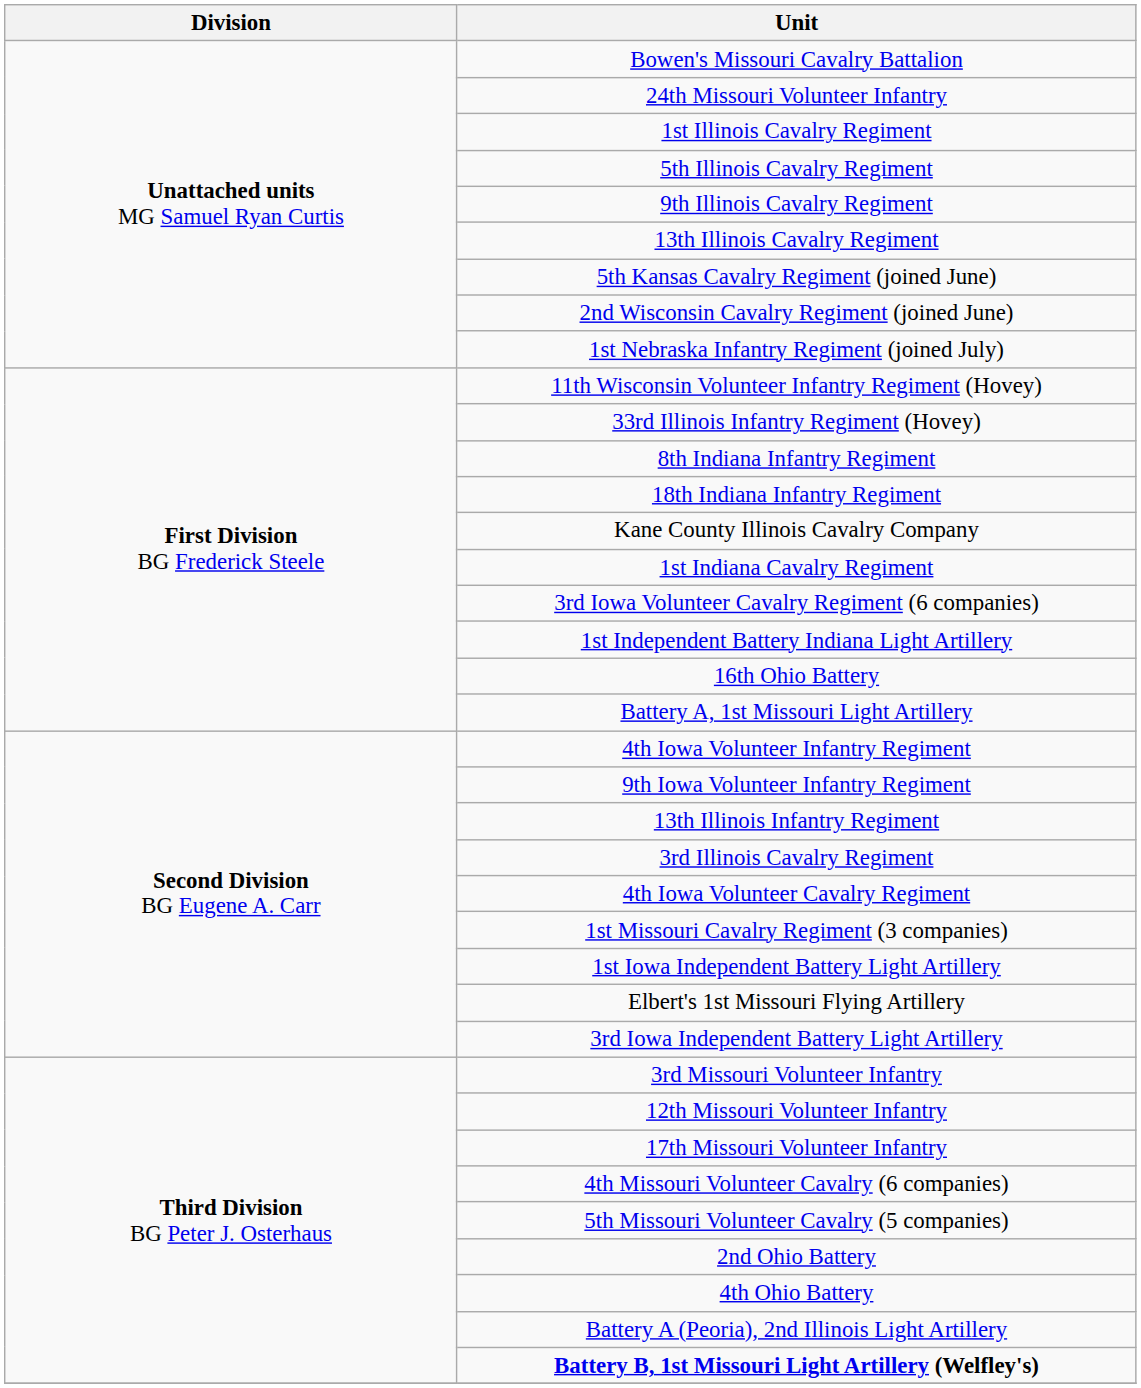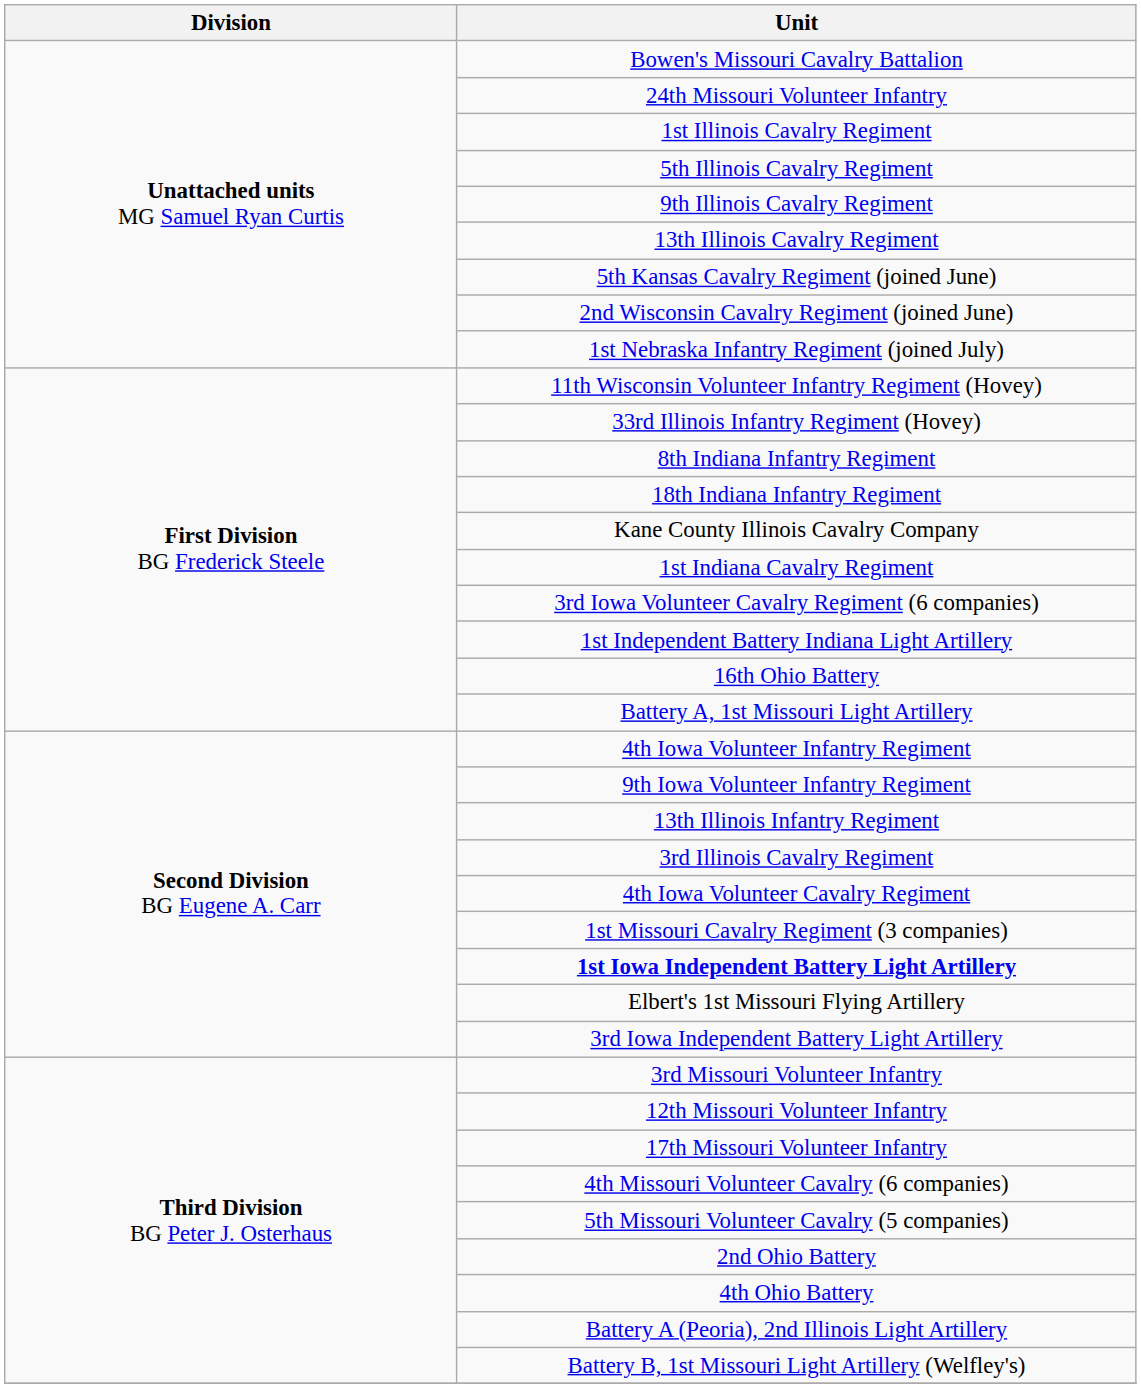 <table class="wikitable" style="text-align:center; width:50%;">
 <tr>
 <th width=20%>Division</th>
 <th width=30%>Unit</th>
 </tr>
 <tr>
 <td rowspan=9><strong>Unattached units</strong><br>MG <a href='#'>Samuel Ryan Curtis</a><br></td>
 <td><a href='#'>Bowen's Missouri Cavalry Battalion</a></td>
 </tr>
 <tr>
 <td><a href='#'>24th Missouri Volunteer Infantry</a></td>
 </tr>
 <tr>
 <td><a href='#'>1st Illinois Cavalry Regiment</a></td>
 </tr>
 <tr>
 <td><a href='#'>5th Illinois Cavalry Regiment</a></td>
 </tr>
 <tr>
 <td><a href='#'>9th Illinois Cavalry Regiment</a></td>
 </tr>
 <tr>
 <td><a href='#'>13th Illinois Cavalry Regiment</a></td>
 </tr>
 <tr>
 <td><a href='#'>5th Kansas Cavalry Regiment</a> (joined June)</td>
 </tr>
 <tr>
 <td><a href='#'>2nd Wisconsin Cavalry Regiment</a> (joined June)</td>
 </tr>
 <tr>
 <td><a href='#'>1st Nebraska Infantry Regiment</a> (joined July)</td>
 </tr>
 <tr>
 <td rowspan=10><strong>First Division</strong><br>BG <a href='#'>Frederick Steele</a><br></td>
 <td><a href='#'>11th Wisconsin Volunteer Infantry Regiment</a> (Hovey)</td>
 </tr>
 <tr>
 <td><a href='#'>33rd Illinois Infantry Regiment</a> (Hovey)</td>
 </tr>
 <tr>
 <td><a href='#'>8th Indiana Infantry Regiment</a></td>
 </tr>
 <tr>
 <td><a href='#'>18th Indiana Infantry Regiment</a></td>
 </tr>
 <tr>
 <td>Kane County Illinois Cavalry Company</td>
 </tr>
 <tr>
 <td><a href='#'>1st Indiana Cavalry Regiment</a></td>
 </tr>
 <tr>
 <td><a href='#'>3rd Iowa Volunteer Cavalry Regiment</a> (6 companies)</td>
 </tr>
 <tr>
 <td><a href='#'>1st Independent Battery Indiana Light Artillery</a></td>
 </tr>
 <tr>
 <td><a href='#'>16th Ohio Battery</a></td>
 </tr>
 <tr>
 <td><a href='#'>Battery A, 1st Missouri Light Artillery</a></td>
 </tr>
 <tr>
 <td rowspan=9><strong>Second Division</strong><br>BG <a href='#'>Eugene A. Carr</a><br></td>
 <td><a href='#'>4th Iowa Volunteer Infantry Regiment</a></td>
 </tr>
 <tr>
 <td><a href='#'>9th Iowa Volunteer Infantry Regiment</a></td>
 </tr>
 <tr>
 <td><a href='#'>13th Illinois Infantry Regiment</a></td>
 </tr>
 <tr>
 <td><a href='#'>3rd Illinois Cavalry Regiment</a></td>
 </tr>
 <tr>
 <td><a href='#'>4th Iowa Volunteer Cavalry Regiment</a></td>
 </tr>
 <tr>
 <td><a href='#'>1st Missouri Cavalry Regiment</a> (3 companies)</td>
 </tr>
 <tr>
-<td><a href='#'>1st Iowa Independent Battery Light Artillery</a></td>
+<td><strong><a href='#'>1st Iowa Independent Battery Light Artillery</a></strong></td>
 </tr>
 <tr>
 <td>Elbert's 1st Missouri Flying Artillery</td>
 </tr>
 <tr>
 <td><a href='#'>3rd Iowa Independent Battery Light Artillery</a></td>
 </tr>
 <tr>
 <td rowspan=9><strong>Third Division</strong><br>BG <a href='#'>Peter J. Osterhaus</a><br></td>
 <td><a href='#'>3rd Missouri Volunteer Infantry</a></td>
 </tr>
 <tr>
 <td><a href='#'>12th Missouri Volunteer Infantry</a></td>
 </tr>
 <tr>
 <td><a href='#'>17th Missouri Volunteer Infantry</a></td>
 </tr>
 <tr>
 <td><a href='#'>4th Missouri Volunteer Cavalry</a> (6 companies)</td>
 </tr>
 <tr>
 <td><a href='#'>5th Missouri Volunteer Cavalry</a> (5 companies)</td>
 </tr>
 <tr>
 <td><a href='#'>2nd Ohio Battery</a></td>
 </tr>
 <tr>
 <td><a href='#'>4th Ohio Battery</a></td>
 </tr>
 <tr>
 <td><a href='#'>Battery A (Peoria), 2nd Illinois Light Artillery</a></td>
 </tr>
 <tr>
-<td><strong><a href='#'>Battery B, 1st Missouri Light Artillery</a> (Welfley's)</strong></td>
+<td><a href='#'>Battery B, 1st Missouri Light Artillery</a> (Welfley's)</td>
 </tr>
 <tr>
 </tr>
 </table>
